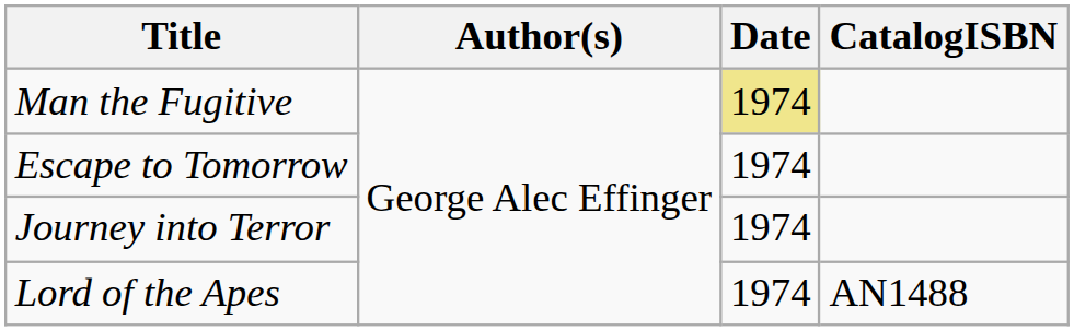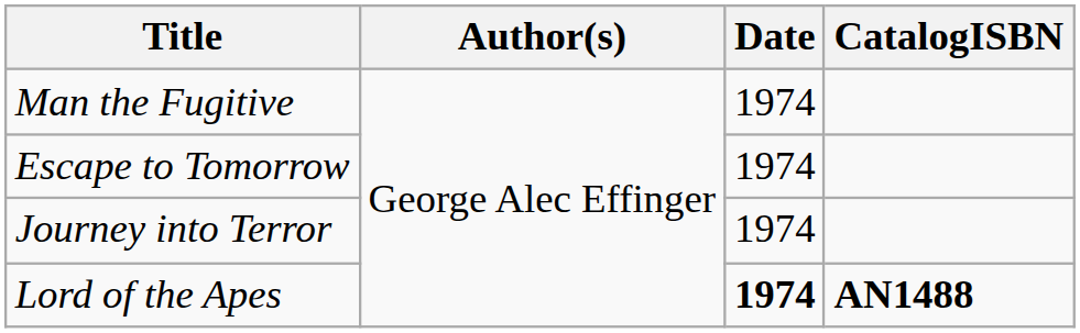 <table class="wikitable">
 <tr>
 <th>Title</th>
 <th>Author(s)</th>
 <th>Date</th>
 <th>CatalogISBN</th>
 </tr>
 <tr>
 <td><em>Man the Fugitive</em></td>
 <td rowspan="4">George Alec Effinger</td>
-<td style="background: khaki;">1974</td>
+<td>1974</td>
 <td></td>
 </tr>
 <tr>
 <td><em>Escape to Tomorrow</em></td>
 <td>1974</td>
 <td></td>
 </tr>
 <tr>
 <td><em>Journey into Terror</em></td>
 <td>1974</td>
 <td></td>
 </tr>
 <tr>
 <td><em>Lord of the Apes</em></td>
-<td>1974</td>
-<td>AN1488</td>
+<td><strong>1974</strong></td>
+<td><strong>AN1488</strong></td>
 </tr>
 </table>
